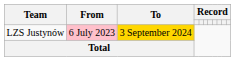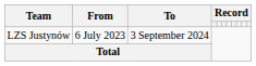 <table class="wikitable" style="text-align: center;">
 <tr>
 <th rowspan="2">Team</th>
 <th rowspan="2">From</th>
 <th rowspan="2">To</th>
 <th colspan="8">Record</th>
 </tr>
 <tr>
 <th></th>
 <th></th>
 <th></th>
 <th></th>
 <th></th>
 <th></th>
 <th></th>
 <th></th>
 </tr>
 <tr>
 <td align=left>LZS Justynów</td>
-<td align=left style="background: pink;">6 July 2023</td>
-<td align=left style="background: gold;">3 September 2024<br></td>
+<td align=left>6 July 2023</td>
+<td align=left>3 September 2024<br></td>
 </tr>
 <tr>
 <th colspan="3">Total<br></th>
 </tr>
 </table>
